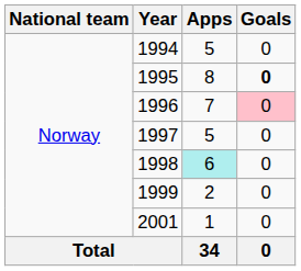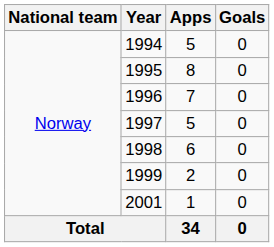 <table class="wikitable" style="text-align: center;">
 <tr>
 <th>National team</th>
 <th>Year</th>
 <th>Apps</th>
 <th>Goals</th>
 </tr>
 <tr>
 <td rowspan="7"><a href='#'>Norway</a></td>
 <td>1994</td>
 <td>5</td>
 <td>0</td>
 </tr>
 <tr>
 <td>1995</td>
 <td>8</td>
-<td><strong>0</strong></td>
+<td>0</td>
 </tr>
 <tr>
 <td>1996</td>
 <td>7</td>
-<td style="background: pink;">0</td>
+<td>0</td>
 </tr>
 <tr>
 <td>1997</td>
 <td>5</td>
 <td>0</td>
 </tr>
 <tr>
 <td>1998</td>
-<td style="background: paleturquoise;">6</td>
+<td>6</td>
 <td>0</td>
 </tr>
 <tr>
 <td>1999</td>
 <td>2</td>
 <td>0</td>
 </tr>
 <tr>
 <td>2001</td>
 <td>1</td>
 <td>0</td>
 </tr>
 <tr>
 <th colspan="2">Total</th>
 <th>34</th>
 <th>0</th>
 </tr>
 </table>
